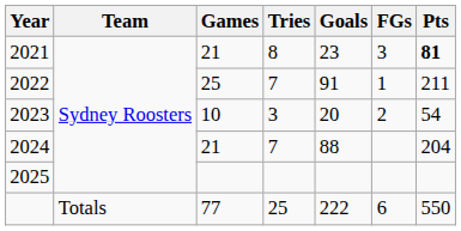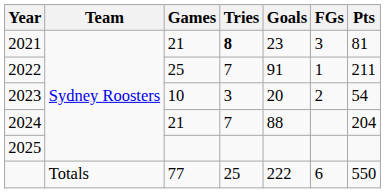 <table class="wikitable">
 <tr>
 <th>Year</th>
 <th>Team</th>
 <th>Games</th>
 <th>Tries</th>
 <th>Goals</th>
 <th>FGs</th>
 <th>Pts</th>
 </tr>
 <tr>
 <td>2021</td>
 <td rowspan="5"> <a href='#'>Sydney Roosters</a></td>
 <td>21</td>
-<td>8</td>
+<td><strong>8</strong></td>
 <td>23</td>
 <td>3</td>
-<td><strong>81</strong></td>
+<td>81</td>
 </tr>
 <tr>
 <td>2022</td>
 <td>25</td>
 <td>7</td>
 <td>91</td>
 <td>1</td>
 <td>211</td>
 </tr>
 <tr>
 <td>2023</td>
 <td>10</td>
 <td>3</td>
 <td>20</td>
 <td>2</td>
 <td>54</td>
 </tr>
 <tr>
 <td>2024</td>
 <td>21</td>
 <td>7</td>
 <td>88</td>
 <td></td>
 <td>204</td>
 </tr>
 <tr>
 <td>2025</td>
 <td></td>
 <td></td>
 <td></td>
 <td></td>
 <td></td>
 </tr>
 <tr>
 <td></td>
 <td>Totals</td>
 <td>77</td>
 <td>25</td>
 <td>222</td>
 <td>6</td>
 <td>550</td>
 </tr>
 </table>
